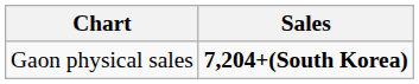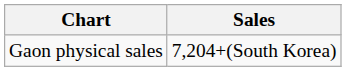 <table class="wikitable">
 <tr>
 <th>Chart</th>
 <th>Sales</th>
 </tr>
 <tr>
 <td>Gaon physical sales</td>
-<td><strong>7,204+(South Korea)</strong></td>
+<td>7,204+(South Korea)</td>
 </tr>
 </table>
